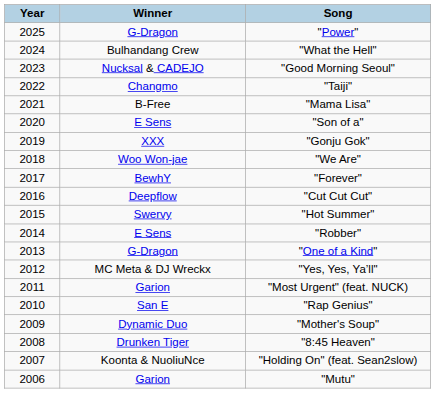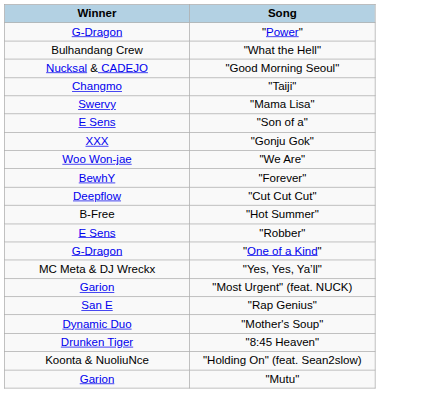 <table class="wikitable" style="text-align: center">
 <tr>
-<th width="70" style="background:#b3d1e3;">Year</th>
 <th width="250" style="background:#b3d1e3;">Winner</th>
 <th width="250" style="background:#b3d1e3;">Song</th>
 </tr>
 <tr>
-<td>2025</td>
 <td><a href='#'>G-Dragon</a></td>
 <td>"<a href='#'>Power</a>"</td>
 </tr>
 <tr>
-<td>2024</td>
 <td>Bulhandang Crew</td>
 <td>"What the Hell"</td>
 </tr>
 <tr>
-<td>2023</td>
 <td><a href='#'>Nucksal</a> &<a href='#'> CADEJO</a></td>
 <td>"Good Morning Seoul"</td>
 </tr>
 <tr>
-<td>2022</td>
 <td><a href='#'>Changmo</a></td>
 <td>"Taiji"</td>
 </tr>
 <tr>
-<td>2021</td>
-<td>B-Free</td>
+<td><a href='#'>Swervy</a></td>
 <td>"Mama Lisa"</td>
 </tr>
 <tr>
-<td>2020</td>
 <td><a href='#'>E Sens</a></td>
 <td>"Son of a"</td>
 </tr>
 <tr>
-<td>2019</td>
 <td><a href='#'>XXX</a></td>
 <td>"Gonju Gok"</td>
 </tr>
 <tr>
-<td>2018</td>
 <td><a href='#'>Woo Won-jae</a></td>
 <td>"We Are"</td>
 </tr>
 <tr>
-<td>2017</td>
 <td><a href='#'>BewhY</a></td>
 <td>"Forever"</td>
 </tr>
 <tr>
-<td>2016</td>
 <td><a href='#'>Deepflow</a></td>
 <td>"Cut Cut Cut"</td>
 </tr>
 <tr>
-<td>2015</td>
-<td><a href='#'>Swervy</a></td>
+<td>B-Free</td>
 <td>"Hot Summer"</td>
 </tr>
 <tr>
-<td>2014</td>
 <td><a href='#'>E Sens</a></td>
 <td>"Robber"</td>
 </tr>
 <tr>
-<td>2013</td>
 <td><a href='#'>G-Dragon</a></td>
 <td>"<a href='#'>One of a Kind</a>"</td>
 </tr>
 <tr>
-<td>2012</td>
 <td>MC Meta & DJ Wreckx</td>
 <td>"Yes, Yes, Ya’ll"</td>
 </tr>
 <tr>
-<td>2011</td>
 <td><a href='#'>Garion</a></td>
 <td>"Most Urgent" (feat. NUCK)</td>
 </tr>
 <tr>
-<td>2010</td>
 <td><a href='#'>San E</a></td>
 <td>"Rap Genius"</td>
 </tr>
 <tr>
-<td>2009</td>
 <td><a href='#'>Dynamic Duo</a></td>
 <td>"Mother's Soup"</td>
 </tr>
 <tr>
-<td>2008</td>
 <td><a href='#'>Drunken Tiger</a></td>
 <td>"8:45 Heaven"</td>
 </tr>
 <tr>
-<td>2007</td>
 <td>Koonta & NuoliuNce</td>
 <td>"Holding On" (feat. Sean2slow)</td>
 </tr>
 <tr>
-<td>2006</td>
 <td><a href='#'>Garion</a></td>
 <td>"Mutu"</td>
 </tr>
 </table>
